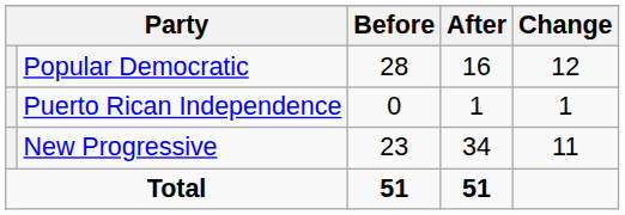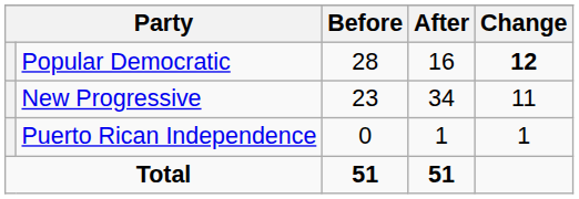 <table class="wikitable" style="text-align:center;">
 <tr>
 </tr>
 <tr>
 <th colspan=2>Party</th>
 <th>Before</th>
 <th>After</th>
 <th>Change</th>
 </tr>
 <tr>
 <th style="background-color:"></th>
 <td style="text-align:left;"><a href='#'>Popular Democratic</a></td>
 <td>28</td>
 <td>16</td>
-<td> 12</td>
+<td><strong> 12</strong></td>
+</tr>
+<tr>
+<th style="background-color:"></th>
+<td style="text-align:left;"><a href='#'>New Progressive</a></td>
+<td>23</td>
+<td>34</td>
+<td> 11</td>
 </tr>
 <tr>
 <th style="background-color:"></th>
 <td style="text-align:left;"><a href='#'>Puerto Rican Independence</a></td>
 <td>0</td>
 <td>1</td>
 <td> 1</td>
 </tr>
 <tr>
-<th style="background-color:"></th>
-<td style="text-align:left;"><a href='#'>New Progressive</a></td>
-<td>23</td>
-<td>34</td>
-<td> 11</td>
-</tr>
-<tr>
 <td colspan=2><strong>Total</strong></td>
 <td><strong>51</strong></td>
 <td><strong>51</strong></td>
 <td></td>
 </tr>
 </table>
